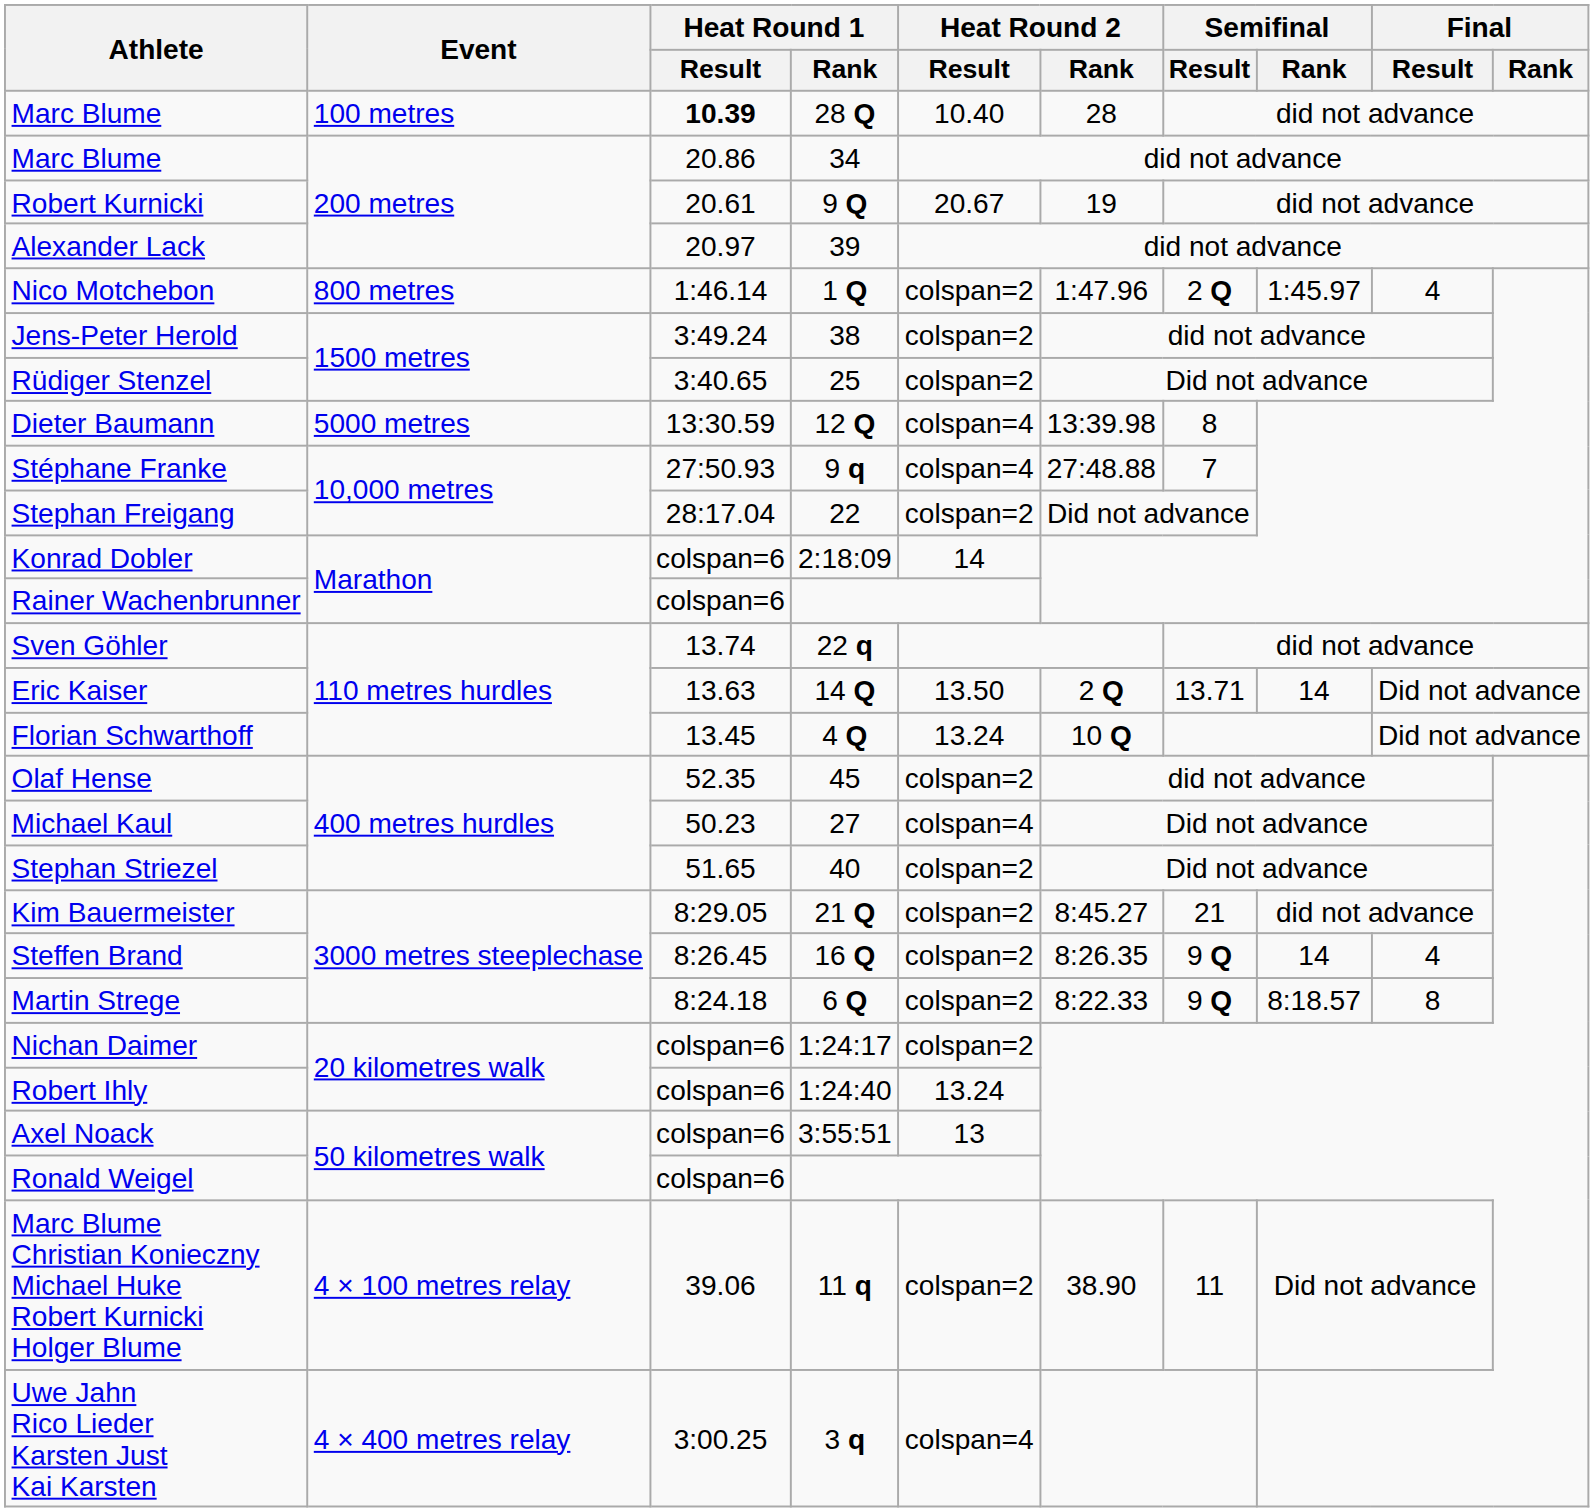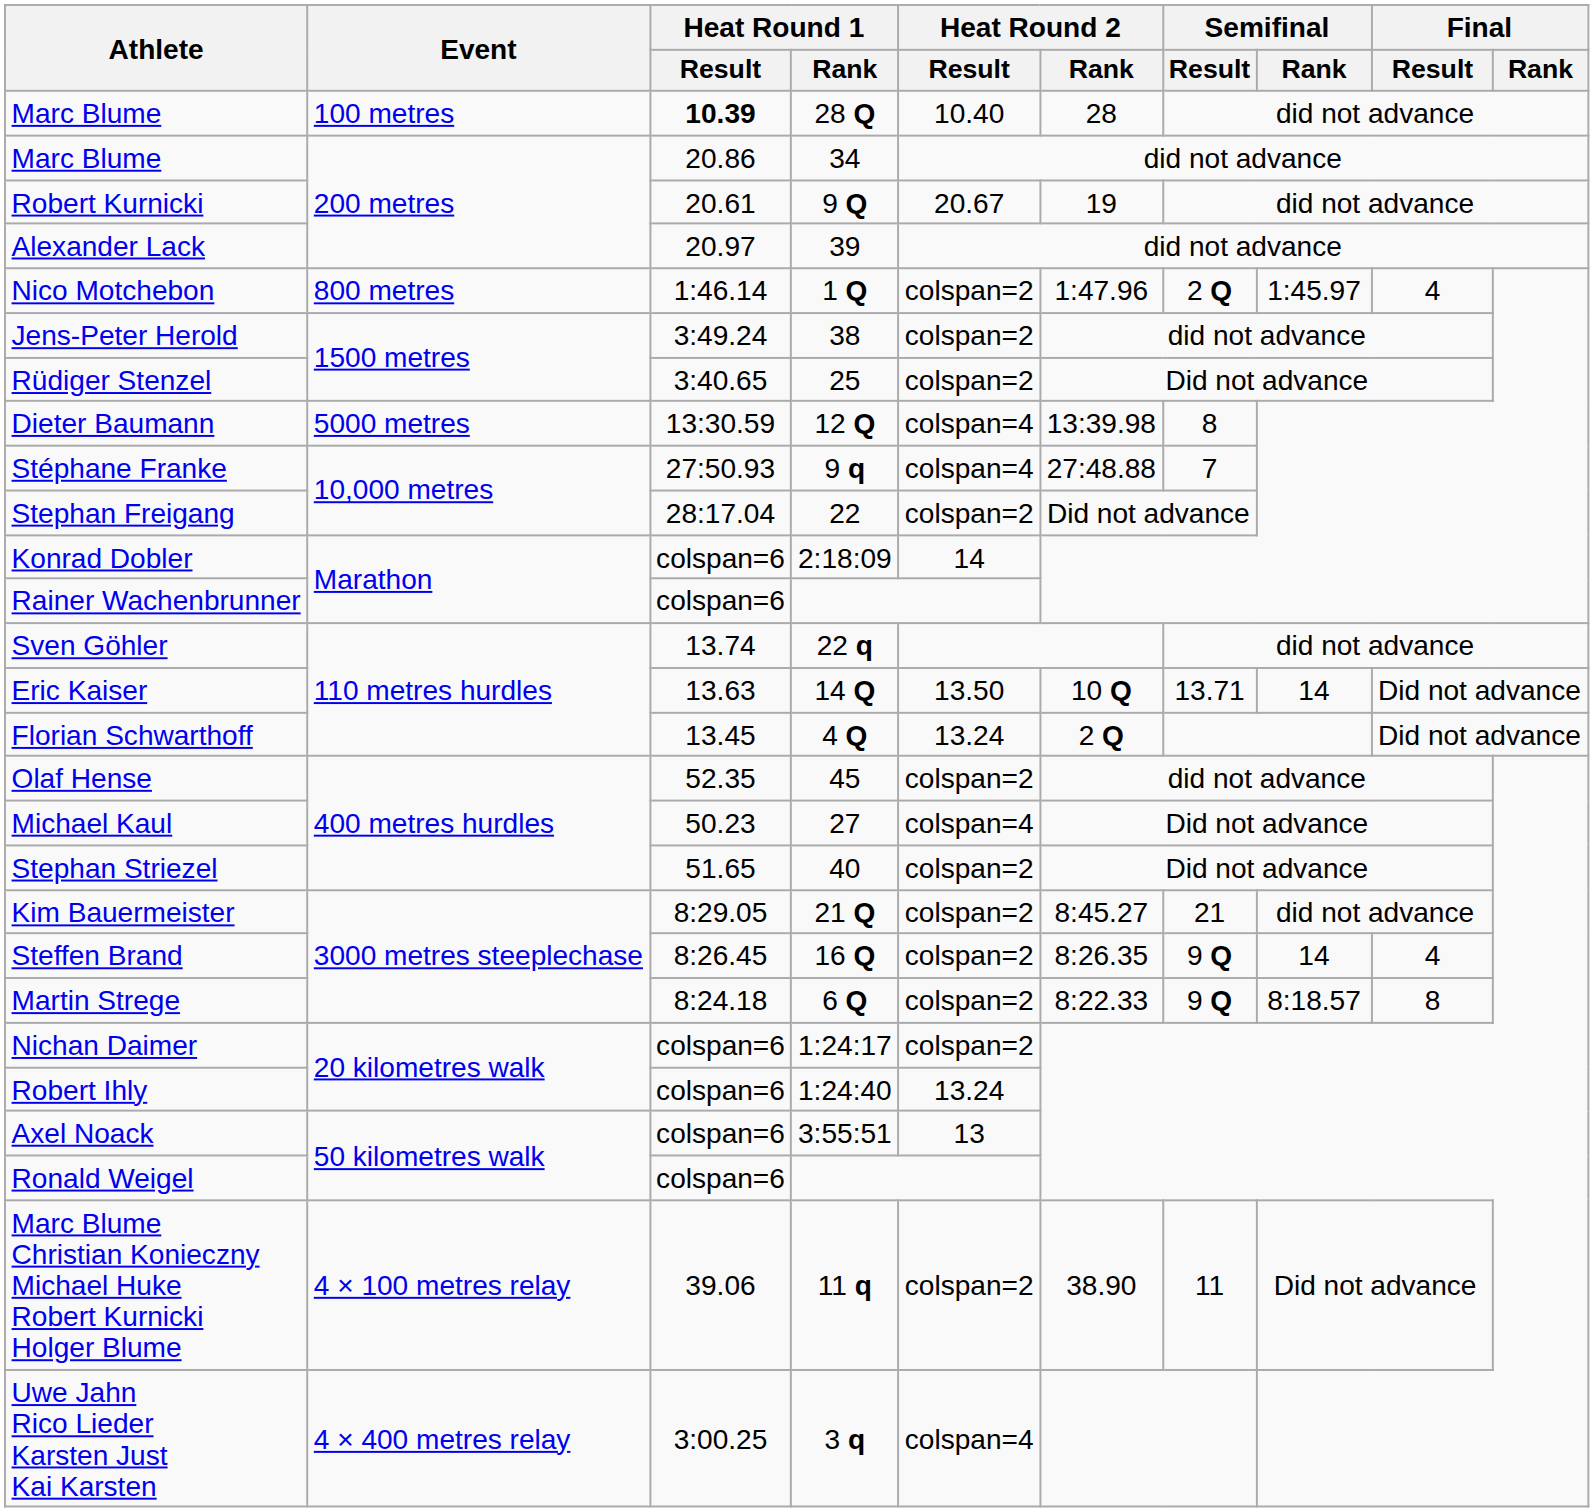 <table class=wikitable style=font-size:90%>
 <tr>
 <th rowspan=2>Athlete</th>
 <th rowspan=2>Event</th>
 <th colspan=2>Heat Round 1</th>
 <th colspan=2>Heat Round 2</th>
 <th colspan=2>Semifinal</th>
 <th colspan=2>Final</th>
 </tr>
 <tr style=font-size:95%>
 <th>Result</th>
 <th>Rank</th>
 <th>Result</th>
 <th>Rank</th>
 <th>Result</th>
 <th>Rank</th>
 <th>Result</th>
 <th>Rank</th>
 </tr>
 <tr align=center>
 <td align=left><a href='#'>Marc Blume</a></td>
 <td align=left><a href='#'>100 metres</a></td>
 <td><strong>10.39</strong></td>
 <td>28 <strong>Q</strong></td>
 <td>10.40</td>
 <td>28</td>
 <td colspan=4>did not advance</td>
 </tr>
 <tr align=center>
 <td align=left><a href='#'>Marc Blume</a></td>
 <td align=left rowspan=3><a href='#'>200 metres</a></td>
 <td>20.86</td>
 <td>34</td>
 <td colspan=6>did not advance</td>
 </tr>
 <tr align=center>
 <td align=left><a href='#'>Robert Kurnicki</a></td>
 <td>20.61</td>
 <td>9 <strong>Q</strong></td>
 <td>20.67</td>
 <td>19</td>
 <td colspan=4>did not advance</td>
 </tr>
 <tr align=center>
 <td align=left><a href='#'>Alexander Lack</a></td>
 <td>20.97</td>
 <td>39</td>
 <td colspan=6>did not advance</td>
 </tr>
 <tr align=center>
 <td align=left><a href='#'>Nico Motchebon</a></td>
 <td align=left><a href='#'>800 metres</a></td>
 <td>1:46.14</td>
 <td>1 <strong>Q</strong></td>
 <td>colspan=2</td>
 <td>1:47.96</td>
 <td>2 <strong>Q</strong></td>
 <td>1:45.97</td>
 <td>4</td>
 </tr>
 <tr align=center>
 <td align=left><a href='#'>Jens-Peter Herold</a></td>
 <td align=left rowspan=2><a href='#'>1500 metres</a></td>
 <td>3:49.24</td>
 <td>38</td>
 <td>colspan=2</td>
 <td colspan=4>did not advance</td>
 </tr>
 <tr align=center>
 <td align=left><a href='#'>Rüdiger Stenzel</a></td>
 <td>3:40.65</td>
 <td>25</td>
 <td>colspan=2</td>
 <td colspan=4>Did not advance</td>
 </tr>
 <tr align=center>
 <td align=left><a href='#'>Dieter Baumann</a></td>
 <td align=left><a href='#'>5000 metres</a></td>
 <td>13:30.59</td>
 <td>12 <strong>Q</strong></td>
 <td>colspan=4</td>
 <td>13:39.98</td>
 <td>8</td>
 </tr>
 <tr align=center>
 <td align=left><a href='#'>Stéphane Franke</a></td>
 <td align=left rowspan=2><a href='#'>10,000 metres</a></td>
 <td>27:50.93</td>
 <td>9 <strong>q</strong></td>
 <td>colspan=4</td>
 <td>27:48.88</td>
 <td>7</td>
 </tr>
 <tr align=center>
 <td align=left><a href='#'>Stephan Freigang</a></td>
 <td>28:17.04</td>
 <td>22</td>
 <td>colspan=2</td>
 <td colspan=2>Did not advance</td>
 </tr>
 <tr align=center>
 <td align=left><a href='#'>Konrad Dobler</a></td>
 <td align=left rowspan=2><a href='#'>Marathon</a></td>
 <td>colspan=6</td>
 <td>2:18:09</td>
 <td>14</td>
 </tr>
 <tr align=center>
 <td align=left><a href='#'>Rainer Wachenbrunner</a></td>
 <td>colspan=6</td>
 <td colspan=2></td>
 </tr>
 <tr align=center>
 <td align=left><a href='#'>Sven Göhler</a></td>
 <td align=left rowspan=3><a href='#'>110 metres hurdles</a></td>
 <td>13.74</td>
 <td>22 <strong>q</strong></td>
 <td colspan=2></td>
 <td colspan=4>did not advance</td>
 </tr>
 <tr align=center>
 <td align=left><a href='#'>Eric Kaiser</a></td>
 <td>13.63</td>
 <td>14 <strong>Q</strong></td>
 <td>13.50</td>
-<td>2 <strong>Q</strong></td>
+<td>10 <strong>Q</strong></td>
 <td>13.71</td>
 <td>14</td>
 <td colspan=2>Did not advance</td>
 </tr>
 <tr align=center>
 <td align=left><a href='#'>Florian Schwarthoff</a></td>
 <td>13.45</td>
 <td>4 <strong>Q</strong></td>
 <td>13.24</td>
-<td>10 <strong>Q</strong></td>
+<td>2 <strong>Q</strong></td>
 <td colspan=2></td>
 <td colspan=2>Did not advance</td>
 </tr>
 <tr align=center>
 <td align=left><a href='#'>Olaf Hense</a></td>
 <td align=left rowspan=3><a href='#'>400 metres hurdles</a></td>
 <td>52.35</td>
 <td>45</td>
 <td>colspan=2</td>
 <td colspan=4>did not advance</td>
 </tr>
 <tr align=center>
 <td align=left><a href='#'>Michael Kaul</a></td>
 <td>50.23</td>
 <td>27</td>
 <td>colspan=4</td>
 <td colspan=4>Did not advance</td>
 </tr>
 <tr align=center>
 <td align=left><a href='#'>Stephan Striezel</a></td>
 <td>51.65</td>
 <td>40</td>
 <td>colspan=2</td>
 <td colspan=4>Did not advance</td>
 </tr>
 <tr align=center>
 <td align=left><a href='#'>Kim Bauermeister</a></td>
 <td align=left rowspan=3><a href='#'>3000 metres steeplechase</a></td>
 <td>8:29.05</td>
 <td>21 <strong>Q</strong></td>
 <td>colspan=2</td>
 <td>8:45.27</td>
 <td>21</td>
 <td colspan=2>did not advance</td>
 </tr>
 <tr align=center>
 <td align=left><a href='#'>Steffen Brand</a></td>
 <td>8:26.45</td>
 <td>16 <strong>Q</strong></td>
 <td>colspan=2</td>
 <td>8:26.35</td>
 <td>9 <strong>Q</strong></td>
 <td>14</td>
 <td>4</td>
 </tr>
 <tr align=center>
 <td align=left><a href='#'>Martin Strege</a></td>
 <td>8:24.18</td>
 <td>6 <strong>Q</strong></td>
 <td>colspan=2</td>
 <td>8:22.33</td>
 <td>9 <strong>Q</strong></td>
 <td>8:18.57</td>
 <td>8</td>
 </tr>
 <tr align=center>
 <td align=left><a href='#'>Nichan Daimer</a></td>
 <td align=left rowspan=2><a href='#'>20 kilometres walk</a></td>
 <td>colspan=6</td>
 <td>1:24:17</td>
 <td>colspan=2</td>
 </tr>
 <tr align=center>
 <td align=left><a href='#'>Robert Ihly</a></td>
 <td>colspan=6</td>
 <td>1:24:40</td>
 <td>13.24</td>
 </tr>
 <tr align=center>
 <td align=left><a href='#'>Axel Noack</a></td>
 <td align=left rowspan=2><a href='#'>50 kilometres walk</a></td>
 <td>colspan=6</td>
 <td>3:55:51</td>
 <td>13</td>
 </tr>
 <tr align=center>
 <td align=left><a href='#'>Ronald Weigel</a></td>
 <td>colspan=6</td>
 <td colspan=2></td>
 </tr>
 <tr align=center>
 <td align=left><a href='#'>Marc Blume</a><br><a href='#'>Christian Konieczny</a><br><a href='#'>Michael Huke</a><br><a href='#'>Robert Kurnicki</a><br><a href='#'>Holger Blume</a></td>
 <td align=left><a href='#'>4 × 100 metres relay</a></td>
 <td>39.06</td>
 <td>11 <strong>q</strong></td>
 <td>colspan=2</td>
 <td>38.90</td>
 <td>11</td>
 <td colspan=2>Did not advance</td>
 </tr>
 <tr align=center>
 <td align=left><a href='#'>Uwe Jahn</a><br><a href='#'>Rico Lieder</a><br><a href='#'>Karsten Just</a><br><a href='#'>Kai Karsten</a></td>
 <td align=left><a href='#'>4 × 400 metres relay</a></td>
 <td>3:00.25</td>
 <td>3 <strong>q</strong></td>
 <td>colspan=4</td>
 <td colspan=2></td>
 </tr>
 </table>
